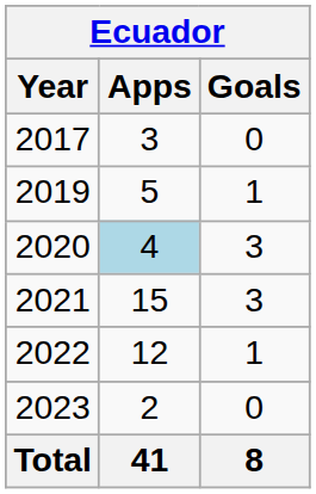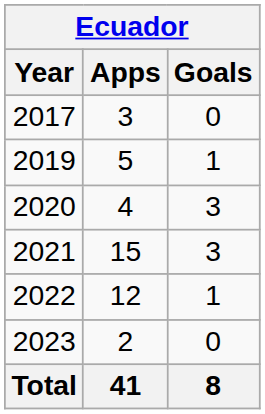 <table class="wikitable" style="text-align:center">
 <tr>
 <th colspan=3><a href='#'>Ecuador</a></th>
 </tr>
 <tr>
 <th>Year</th>
 <th>Apps</th>
 <th>Goals</th>
 </tr>
 <tr>
 <td>2017</td>
 <td>3</td>
 <td>0</td>
 </tr>
 <tr>
 <td>2019</td>
 <td>5</td>
 <td>1</td>
 </tr>
 <tr>
 <td>2020</td>
-<td style="background: lightblue;">4</td>
+<td>4</td>
 <td>3</td>
 </tr>
 <tr>
 <td>2021</td>
 <td>15</td>
 <td>3</td>
 </tr>
 <tr>
 <td>2022</td>
 <td>12</td>
 <td>1</td>
 </tr>
 <tr>
 <td>2023</td>
 <td>2</td>
 <td>0</td>
 </tr>
 <tr>
 <th>Total</th>
 <th>41</th>
 <th>8</th>
 </tr>
 </table>
